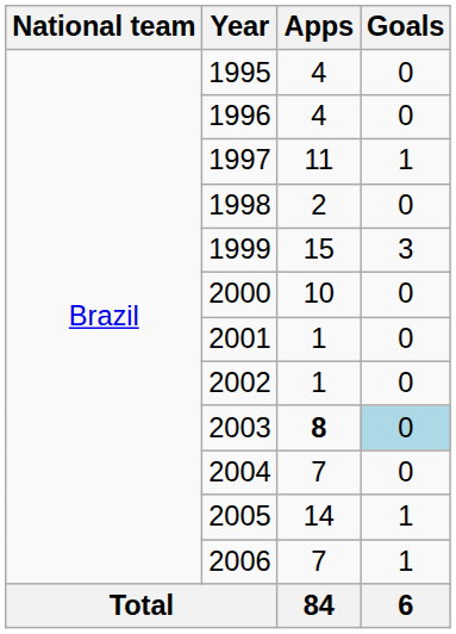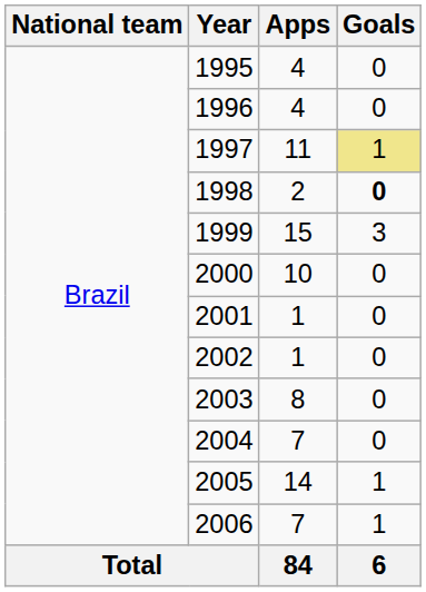 <table class="wikitable" style="text-align:center">
 <tr>
 <th>National team</th>
 <th>Year</th>
 <th>Apps</th>
 <th>Goals</th>
 </tr>
 <tr>
 <td rowspan="12"><a href='#'>Brazil</a></td>
 <td>1995</td>
 <td>4</td>
 <td>0</td>
 </tr>
 <tr>
 <td>1996</td>
 <td>4</td>
 <td>0</td>
 </tr>
 <tr>
 <td>1997</td>
 <td>11</td>
-<td>1</td>
+<td style="background: khaki;">1</td>
 </tr>
 <tr>
 <td>1998</td>
 <td>2</td>
-<td>0</td>
+<td><strong>0</strong></td>
 </tr>
 <tr>
 <td>1999</td>
 <td>15</td>
 <td>3</td>
 </tr>
 <tr>
 <td>2000</td>
 <td>10</td>
 <td>0</td>
 </tr>
 <tr>
 <td>2001</td>
 <td>1</td>
 <td>0</td>
 </tr>
 <tr>
 <td>2002</td>
 <td>1</td>
 <td>0</td>
 </tr>
 <tr>
 <td>2003</td>
-<td><strong>8</strong></td>
-<td style="background: lightblue;">0</td>
+<td>8</td>
+<td>0</td>
 </tr>
 <tr>
 <td>2004</td>
 <td>7</td>
 <td>0</td>
 </tr>
 <tr>
 <td>2005</td>
 <td>14</td>
 <td>1</td>
 </tr>
 <tr>
 <td>2006</td>
 <td>7</td>
 <td>1</td>
 </tr>
 <tr>
 <th colspan="2">Total</th>
 <th>84</th>
 <th>6</th>
 </tr>
 </table>
